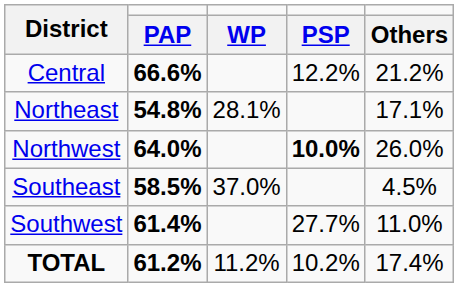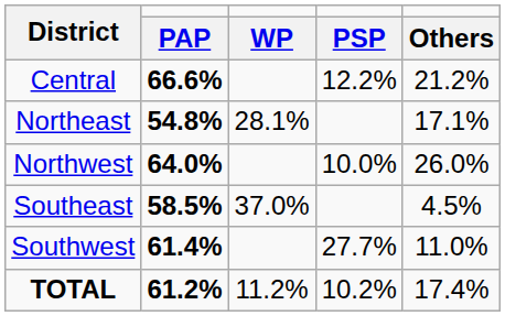 <table class="wikitable" style="text-align:center;">
 <tr>
 <th rowspan="2">District</th>
 <td></td>
 <td></td>
 <td></td>
 <td></td>
 </tr>
 <tr>
 <th><a href='#'>PAP</a></th>
 <th><a href='#'>WP</a></th>
 <th><a href='#'>PSP</a></th>
 <th>Others</th>
 </tr>
 <tr>
 <td><a href='#'>Central</a></td>
 <td> <strong>66.6%</strong></td>
 <td></td>
 <td> 12.2%</td>
 <td> 21.2%</td>
 </tr>
 <tr>
 <td><a href='#'>Northeast</a></td>
 <td> <strong>54.8%</strong></td>
 <td> 28.1%</td>
 <td></td>
 <td> 17.1%</td>
 </tr>
 <tr>
 <td><a href='#'>Northwest</a></td>
 <td> <strong>64.0%</strong></td>
 <td></td>
-<td><strong> 10.0%</strong></td>
+<td> 10.0%</td>
 <td> 26.0%</td>
 </tr>
 <tr>
 <td><a href='#'>Southeast</a></td>
 <td> <strong>58.5%</strong></td>
 <td> 37.0%</td>
 <td></td>
 <td> 4.5%</td>
 </tr>
 <tr>
 <td><a href='#'>Southwest</a></td>
 <td> <strong>61.4%</strong></td>
 <td></td>
 <td> 27.7%</td>
 <td> 11.0%</td>
 </tr>
 <tr>
 <td><strong>TOTAL</strong></td>
 <td> <strong>61.2%</strong></td>
 <td> 11.2%</td>
 <td> 10.2%</td>
 <td> 17.4%</td>
 </tr>
 </table>
